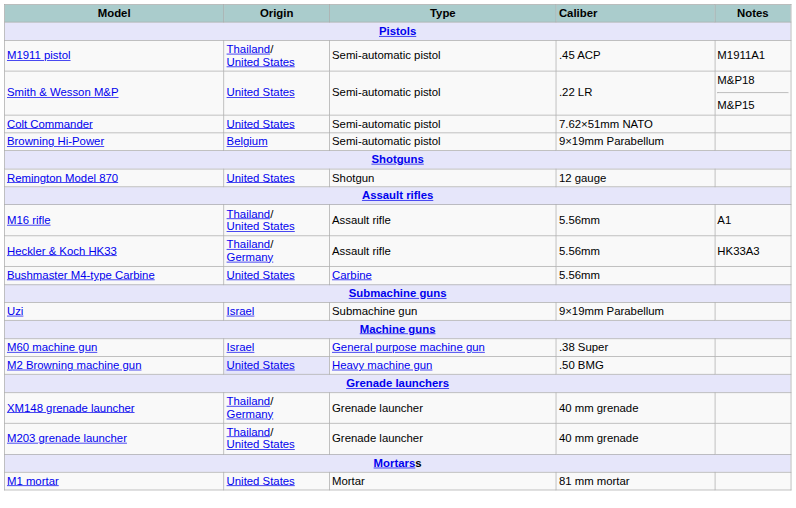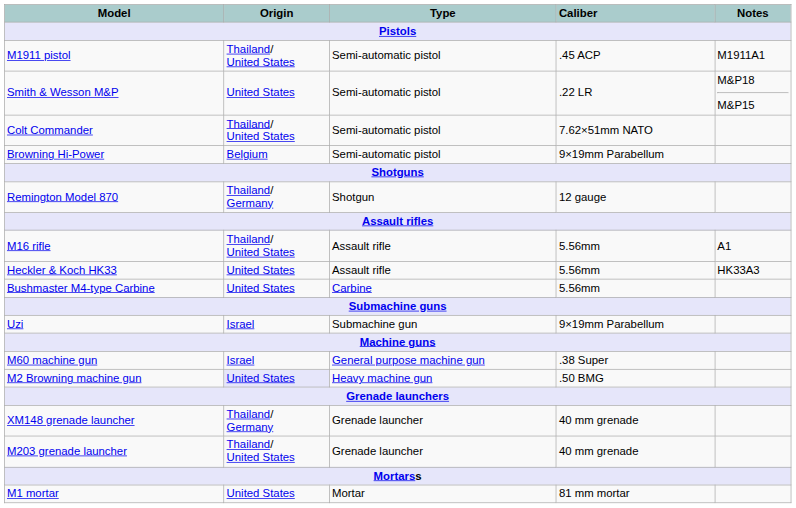 <table class="wikitable";" width="70%">
 <tr>
 <th style="text-align:center; background:#acc;">Model</th>
 <th style="text-align: center; background:#acc;">Origin</th>
 <th style="text-align:l center; background:#acc;">Type</th>
 <th style="text-align:left; background:#acc;">Caliber</th>
 <th style="text-align:center; background:#acc;">Notes</th>
 </tr>
 <tr>
 <th style="align: center; background: lavender;" colspan="7"><strong><a href='#'>Pistols</a></strong></th>
 </tr>
 <tr>
 <td><a href='#'>M1911 pistol</a></td>
 <td><a href='#'>Thailand</a>/<br><a href='#'>United States</a></td>
 <td>Semi-automatic pistol</td>
 <td>.45 ACP</td>
 <td>M1911A1</td>
 </tr>
 <tr>
 <td><a href='#'>Smith & Wesson M&P</a></td>
 <td><a href='#'>United States</a></td>
 <td>Semi-automatic pistol</td>
 <td>.22 LR</td>
 <td>M&P18<hr>M&P15</td>
 </tr>
 <tr>
 <td><a href='#'>Colt Commander</a></td>
-<td><a href='#'>United States</a></td>
+<td><a href='#'>Thailand</a>/<br><a href='#'>United States</a></td>
 <td>Semi-automatic pistol</td>
 <td>7.62×51mm NATO</td>
 <td></td>
 </tr>
 <tr>
 <td><a href='#'>Browning Hi-Power</a></td>
 <td><a href='#'>Belgium</a></td>
 <td>Semi-automatic pistol</td>
 <td>9×19mm Parabellum</td>
 <td></td>
 </tr>
 <tr>
 <th style="align: center; background: lavender;" colspan="7"><strong><a href='#'>Shotguns</a></strong></th>
 </tr>
 <tr>
 <td><a href='#'>Remington Model 870</a></td>
-<td><a href='#'>United States</a></td>
+<td><a href='#'>Thailand</a>/<br><a href='#'>Germany</a></td>
 <td>Shotgun</td>
 <td>12 gauge</td>
 <td></td>
 </tr>
 <tr>
 <th style="align: center; background: lavender;" colspan="7"><strong><a href='#'>Assault rifles</a></strong></th>
 </tr>
 <tr>
 <td><a href='#'>M16 rifle</a></td>
 <td><a href='#'>Thailand</a>/<br><a href='#'>United States</a></td>
 <td>Assault rifle</td>
 <td>5.56mm</td>
 <td>A1</td>
 </tr>
 <tr>
 <td><a href='#'>Heckler & Koch HK33</a></td>
-<td><a href='#'>Thailand</a>/<br><a href='#'>Germany</a></td>
+<td><a href='#'>United States</a></td>
 <td>Assault rifle</td>
 <td>5.56mm</td>
 <td>HK33A3</td>
 </tr>
 <tr>
 <td><a href='#'>Bushmaster M4-type Carbine</a></td>
 <td><a href='#'>United States</a></td>
 <td><a href='#'>Carbine</a></td>
 <td>5.56mm</td>
 <td></td>
 </tr>
 <tr>
 <th style="align: center; background: lavender;" colspan="7"><strong><a href='#'>Submachine guns</a></strong></th>
 </tr>
 <tr>
 <td><a href='#'>Uzi</a></td>
 <td><a href='#'>Israel</a></td>
 <td>Submachine gun</td>
 <td>9×19mm Parabellum</td>
 <td></td>
 </tr>
 <tr>
 <th style="align: center; background: lavender;" colspan="7"><strong><a href='#'>Machine guns</a></strong></th>
 </tr>
 <tr>
 <td><a href='#'>M60 machine gun</a></td>
 <td><a href='#'>Israel</a></td>
 <td><a href='#'>General purpose machine gun</a></td>
 <td>.38 Super</td>
 <td></td>
 </tr>
 <tr>
 <td><a href='#'>M2 Browning machine gun</a></td>
 <td style="background: lavender;"><a href='#'>United States</a></td>
 <td><a href='#'>Heavy machine gun</a></td>
 <td>.50 BMG</td>
 <td></td>
 </tr>
 <tr>
 <th style="align: center; background: lavender;" colspan="7"><strong><a href='#'>Grenade launchers</a></strong></th>
 </tr>
 <tr>
 <td><a href='#'>XM148 grenade launcher</a></td>
 <td><a href='#'>Thailand</a>/<br><a href='#'>Germany</a></td>
 <td>Grenade launcher</td>
 <td>40 mm grenade</td>
 <td></td>
 </tr>
 <tr>
 <td><a href='#'>M203 grenade launcher</a></td>
 <td><a href='#'>Thailand</a>/<br><a href='#'>United States</a></td>
 <td>Grenade launcher</td>
 <td>40 mm grenade</td>
 <td></td>
 </tr>
 <tr>
 <th style="align: center; background: lavender;" colspan="7"><strong><a href='#'>Mortars</a>s</strong></th>
 </tr>
 <tr>
 <td><a href='#'>M1 mortar</a></td>
 <td><a href='#'>United States</a></td>
 <td>Mortar</td>
 <td>81 mm mortar</td>
 <td></td>
 </tr>
 </table>
